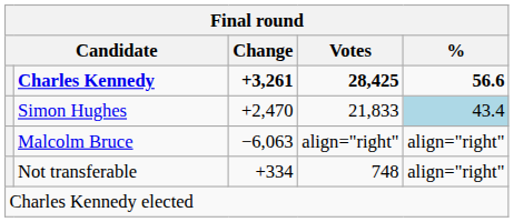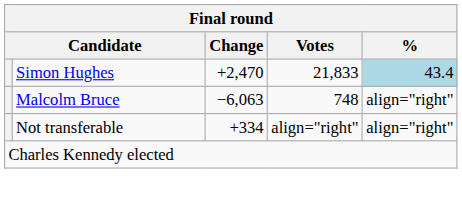 <table class=wikitable style="font-size:95%;">
 <tr>
 <th colspan="5">Final round</th>
 </tr>
 <tr>
 <th colspan="2" style="width: 170px">Candidate</th>
 <th style="width: 50px">Change</th>
 <th style="width: 50px">Votes</th>
 <th style="width: 40px">%</th>
 </tr>
 <tr>
 <th style="background-color: "></th>
-<td style="width: 170px"><strong><a href='#'>Charles Kennedy</a></strong></td>
-<td align="right"><strong>+3,261</strong></td>
-<td align="right"><strong>28,425</strong></td>
-<td align="right"><strong>56.6</strong></td>
-</tr>
-<tr>
-<th style="background-color: "></th>
 <td style="width: 170px"><a href='#'>Simon Hughes</a></td>
 <td align="right">+2,470</td>
 <td align="right">21,833</td>
 <td align="right" style="background: lightblue;">43.4</td>
 </tr>
 <tr>
 <th style="background-color: "></th>
 <td style="width: 170px"><a href='#'>Malcolm Bruce</a></td>
 <td align="right">−6,063</td>
-<td>align="right" </td>
+<td align="right">748</td>
 <td>align="right" </td>
 </tr>
 <tr>
 <th style="background-color: "></th>
 <td style="width: 170px">Not transferable</td>
 <td align="right">+334</td>
-<td align="right">748</td>
+<td>align="right" </td>
 <td>align="right" </td>
 </tr>
 <tr>
 <td colspan="5">Charles Kennedy elected</td>
 </tr>
 </table>
